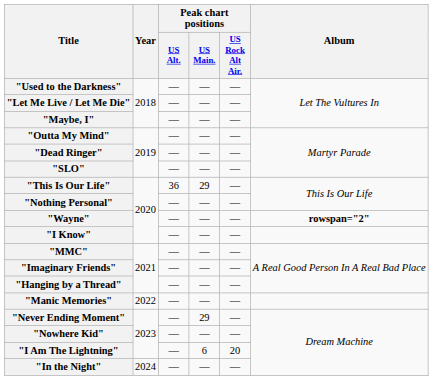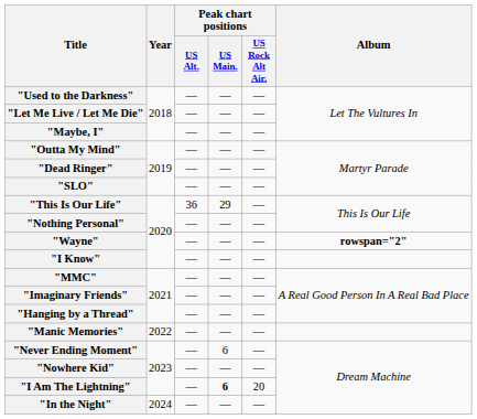 <table class="wikitable plainrowheaders" style="text-align:center;">
 <tr>
 <th rowspan="2">Title</th>
 <th rowspan="2">Year</th>
 <th colspan="3">Peak chart positions</th>
 <th rowspan="2">Album</th>
 </tr>
 <tr>
 <th scope="col" style="width:3em;font-size:85%;"><a href='#'>US<br>Alt.</a><br></th>
 <th scope="col" style="width:3em;font-size:85%;"><a href='#'>US<br>Main.</a><br></th>
 <th scope="col" style="width:3em;font-size:85%;"><a href='#'>US<br>Rock<br>Alt<br>Air.</a></th>
 </tr>
 <tr>
 <th>"Used to the Darkness"</th>
 <td rowspan="3">2018</td>
 <td>—</td>
 <td>—</td>
 <td>—</td>
 <td rowspan="3"><em>Let The Vultures In</em></td>
 </tr>
 <tr>
 <th>"Let Me Live / Let Me Die"</th>
 <td>—</td>
 <td>—</td>
 <td>—</td>
 </tr>
 <tr>
 <th>"Maybe, I"</th>
 <td>—</td>
 <td>—</td>
 <td>—</td>
 </tr>
 <tr>
 <th>"Outta My Mind"</th>
 <td rowspan="3">2019</td>
 <td>—</td>
 <td>—</td>
 <td>—</td>
 <td rowspan="3"><em>Martyr Parade</em></td>
 </tr>
 <tr>
 <th>"Dead Ringer"</th>
 <td>—</td>
 <td>—</td>
 <td>—</td>
 </tr>
 <tr>
 <th>"SLO"</th>
 <td>—</td>
 <td>—</td>
 <td>—</td>
 </tr>
 <tr>
 <th>"This Is Our Life"</th>
 <td rowspan="4">2020</td>
 <td>36</td>
 <td>29</td>
 <td>—</td>
 <td rowspan="2"><em>This Is Our Life</em></td>
 </tr>
 <tr>
 <th>"Nothing Personal"</th>
 <td>—</td>
 <td>—</td>
 <td>—</td>
 </tr>
 <tr>
 <th>"Wayne"</th>
 <td>—</td>
 <td>—</td>
 <td>—</td>
 <td><strong>rowspan="2" </strong></td>
 </tr>
 <tr>
 <th>"I Know"</th>
 <td>—</td>
 <td>—</td>
 <td>—</td>
 </tr>
 <tr>
 <th>"MMC"</th>
 <td rowspan="3">2021</td>
 <td>—</td>
 <td>—</td>
 <td>—</td>
 <td rowspan="3"><em>A Real Good Person In A Real Bad Place</em></td>
 </tr>
 <tr>
 <th>"Imaginary Friends"</th>
 <td>—</td>
 <td>—</td>
 <td>—</td>
 </tr>
 <tr>
 <th>"Hanging by a Thread"</th>
 <td>—</td>
 <td>—</td>
 <td>—</td>
 </tr>
 <tr>
 <th>"Manic Memories"</th>
 <td>2022</td>
 <td>—</td>
 <td>—</td>
 <td>—</td>
 <td></td>
 </tr>
 <tr>
 <th>"Never Ending Moment"</th>
 <td rowspan="3">2023</td>
 <td>—</td>
-<td>29</td>
+<td>6</td>
 <td>—</td>
 <td rowspan="4"><em>Dream Machine</em></td>
 </tr>
 <tr>
 <th>"Nowhere Kid"</th>
 <td>—</td>
 <td>—</td>
 <td>—</td>
 </tr>
 <tr>
 <th>"I Am The Lightning"</th>
 <td>—</td>
-<td>6</td>
+<td><strong>6</strong></td>
 <td>20</td>
 </tr>
 <tr>
 <th>"In the Night" </th>
 <td>2024</td>
 <td>—</td>
 <td>—</td>
 <td>—</td>
 </tr>
 </table>
